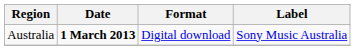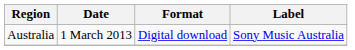 <table class=wikitable>
 <tr>
 <th>Region</th>
 <th>Date</th>
 <th>Format</th>
 <th>Label</th>
 </tr>
 <tr>
 <td>Australia</td>
-<td><strong>1 March 2013</strong></td>
+<td>1 March 2013</td>
 <td><a href='#'>Digital download</a></td>
 <td><a href='#'>Sony Music Australia</a></td>
 </tr>
 <tr>
 </tr>
 </table>
